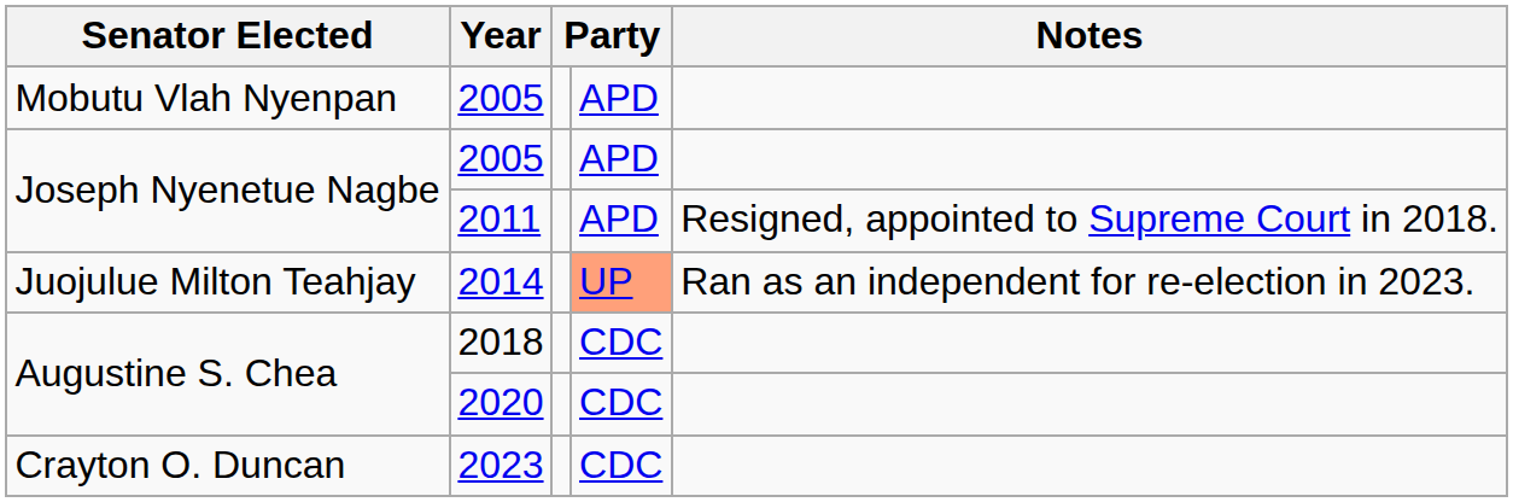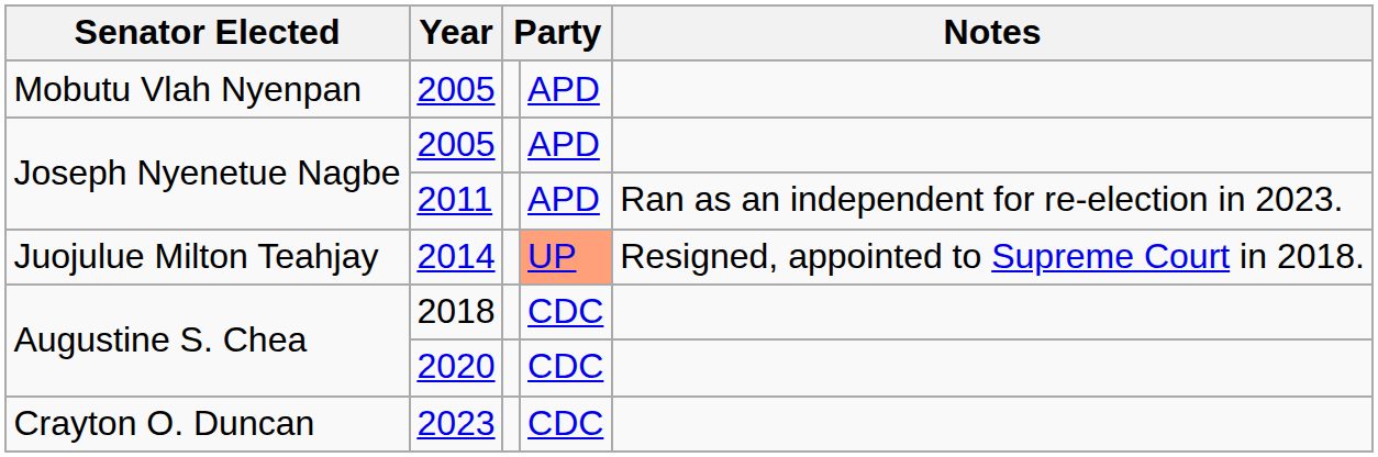 <table class="wikitable">
 <tr>
 <th>Senator Elected</th>
 <th>Year</th>
 <th colspan=2>Party</th>
 <th>Notes</th>
 </tr>
 <tr>
 <td>Mobutu Vlah Nyenpan</td>
 <td><a href='#'>2005</a></td>
 <td></td>
 <td><a href='#'>APD</a></td>
 <td></td>
 </tr>
 <tr>
 <td rowspan=2>Joseph Nyenetue Nagbe</td>
 <td><a href='#'>2005</a></td>
 <td></td>
 <td><a href='#'>APD</a></td>
 <td></td>
 </tr>
 <tr>
 <td><a href='#'>2011</a></td>
 <td></td>
 <td><a href='#'>APD</a></td>
-<td>Resigned, appointed to <a href='#'>Supreme Court</a> in 2018.</td>
+<td>Ran as an independent for re-election in 2023.</td>
 </tr>
 <tr>
 <td>Juojulue Milton Teahjay</td>
 <td><a href='#'>2014</a></td>
 <td></td>
 <td style="background: lightsalmon;"><a href='#'>UP</a></td>
-<td>Ran as an independent for re-election in 2023.</td>
+<td>Resigned, appointed to <a href='#'>Supreme Court</a> in 2018.</td>
 </tr>
 <tr>
 <td rowspan=2>Augustine S. Chea</td>
 <td>2018</td>
 <td></td>
 <td><a href='#'>CDC</a></td>
 <td></td>
 </tr>
 <tr>
 <td><a href='#'>2020</a></td>
 <td></td>
 <td><a href='#'>CDC</a></td>
 <td></td>
 </tr>
 <tr>
 <td>Crayton O. Duncan</td>
 <td><a href='#'>2023</a></td>
 <td></td>
 <td><a href='#'>CDC</a></td>
 <td></td>
 </tr>
 </table>
